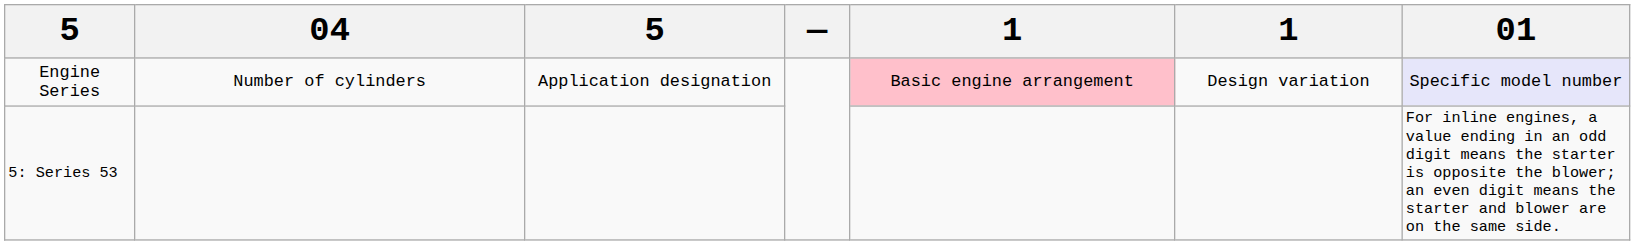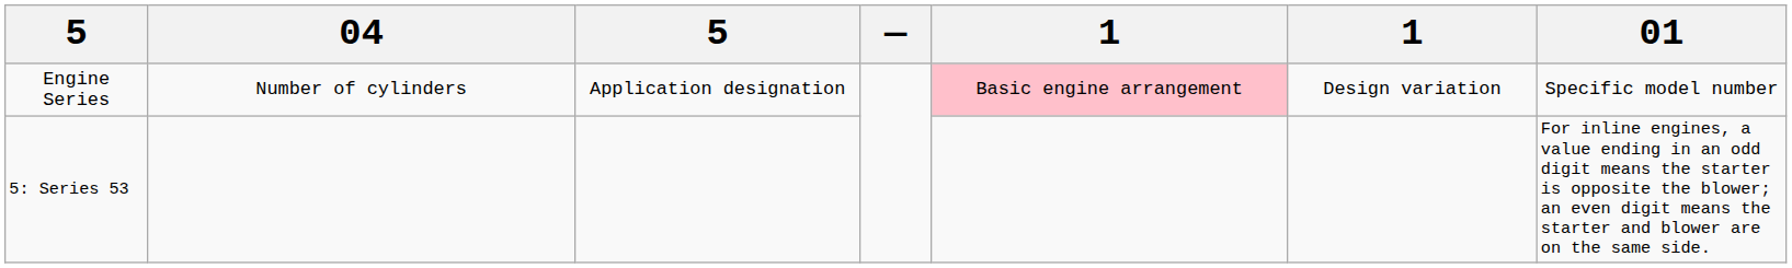 <table class="wikitable" style="font-size:100%;text-align:center;">
 <tr style="font-size:200%;">
 <th style="width:8%;">5</th>
 <th style="width:24%;">04</th>
 <th style="width:16%;">5</th>
 <th style="width:4%;">—</th>
 <th style="width:20%;">1</th>
 <th style="width:14%;">1</th>
 <th style="width:14%;">01</th>
 </tr>
 <tr>
 <td>Engine Series</td>
 <td>Number of cylinders</td>
 <td>Application designation</td>
 <td rowspan=2> </td>
 <td style="background: pink;">Basic engine arrangement</td>
 <td>Design variation</td>
-<td style="background: lavender;">Specific model number</td>
+<td>Specific model number</td>
 </tr>
 <tr style="text-align:left;font-size:90%;">
 <td>5: Series 53</td>
 <td></td>
 <td></td>
 <td></td>
 <td></td>
 <td>For inline engines, a value ending in an odd digit means the starter is opposite the blower; an even digit means the starter and blower are on the same side.</td>
 </tr>
 </table>
